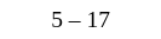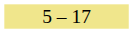 <table style="text-align:center">
 <tr>
 <th width=200></th>
 <th width=100></th>
 <th width=200></th>
 </tr>
 <tr>
 <td align=right></td>
-<td>5 – 17</td>
+<td style="background: khaki;">5 – 17</td>
 <td align=left><strong></strong></td>
 </tr>
 </table>
